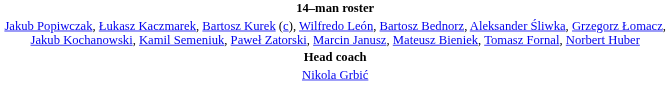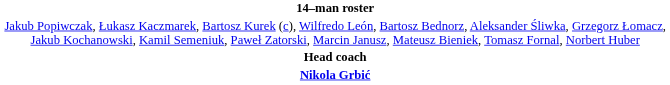 <table style="text-align:center; margin-top:2em; margin-left:auto; margin-right:auto">
 <tr>
 <td><strong>14–man roster</strong></td>
 </tr>
 <tr>
 <td><a href='#'>Jakub Popiwczak</a>, <a href='#'>Łukasz Kaczmarek</a>, <a href='#'>Bartosz Kurek</a> (<a href='#'>c</a>), <a href='#'>Wilfredo León</a>, <a href='#'>Bartosz Bednorz</a>, <a href='#'>Aleksander Śliwka</a>, <a href='#'>Grzegorz Łomacz</a>, <a href='#'>Jakub Kochanowski</a>, <a href='#'>Kamil Semeniuk</a>, <a href='#'>Paweł Zatorski</a>, <a href='#'>Marcin Janusz</a>, <a href='#'>Mateusz Bieniek</a>, <a href='#'>Tomasz Fornal</a>, <a href='#'>Norbert Huber</a></td>
 </tr>
 <tr>
 <td><strong>Head coach</strong></td>
 </tr>
 <tr>
-<td> <a href='#'>Nikola Grbić</a></td>
+<td><strong> <a href='#'>Nikola Grbić</a></strong></td>
 </tr>
 </table>
